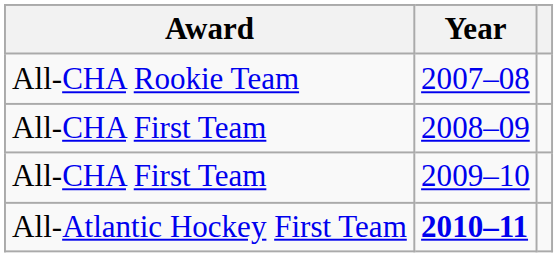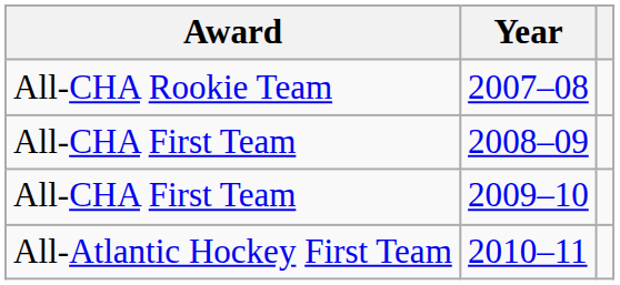 <table class="wikitable">
 <tr>
 <th>Award</th>
 <th>Year</th>
 <th></th>
 </tr>
 <tr>
 <td>All-<a href='#'>CHA</a> <a href='#'>Rookie Team</a></td>
 <td><a href='#'>2007–08</a></td>
 <td></td>
 </tr>
 <tr>
 <td>All-<a href='#'>CHA</a> <a href='#'>First Team</a></td>
 <td><a href='#'>2008–09</a></td>
 <td></td>
 </tr>
 <tr>
 <td>All-<a href='#'>CHA</a> <a href='#'>First Team</a></td>
 <td><a href='#'>2009–10</a></td>
 <td></td>
 </tr>
 <tr>
 <td>All-<a href='#'>Atlantic Hockey</a> <a href='#'>First Team</a></td>
-<td><strong><a href='#'>2010–11</a></strong></td>
+<td><a href='#'>2010–11</a></td>
 <td></td>
 </tr>
 </table>
